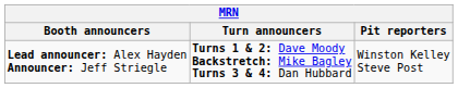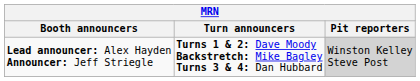 <table class="wikitable" style="font-size: 95%">
 <tr>
 <th colspan="3"><a href='#'>MRN</a></th>
 </tr>
 <tr>
 <th>Booth announcers</th>
 <th>Turn announcers</th>
 <th>Pit reporters</th>
 </tr>
 <tr>
 <td><strong>Lead announcer:</strong> Alex Hayden<br><strong>Announcer:</strong> Jeff Striegle</td>
 <td><strong>Turns 1 & 2:</strong> <a href='#'>Dave Moody</a><br><strong>Backstretch:</strong> <a href='#'>Mike Bagley</a><br><strong>Turns 3 & 4:</strong> Dan Hubbard</td>
-<td>Winston Kelley<br>Steve Post</td>
+<td style="background: lightgrey;">Winston Kelley<br>Steve Post</td>
 </tr>
 </table>
